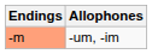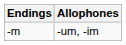 <table class="wikitable">
 <tr>
 <th>Endings</th>
 <th>Allophones</th>
 </tr>
 <tr>
-<td style="background: lightsalmon;">-m</td>
+<td>-m</td>
 <td>-um, -im</td>
 </tr>
 </table>
